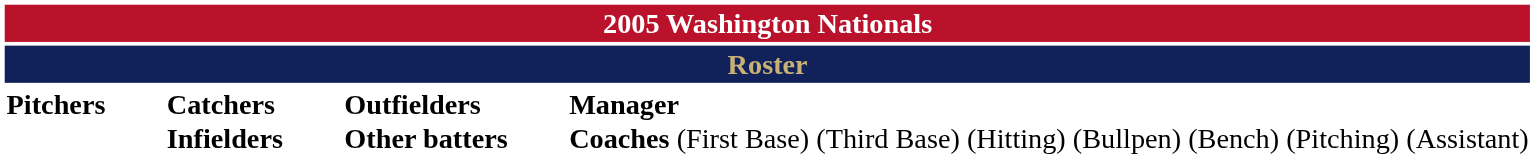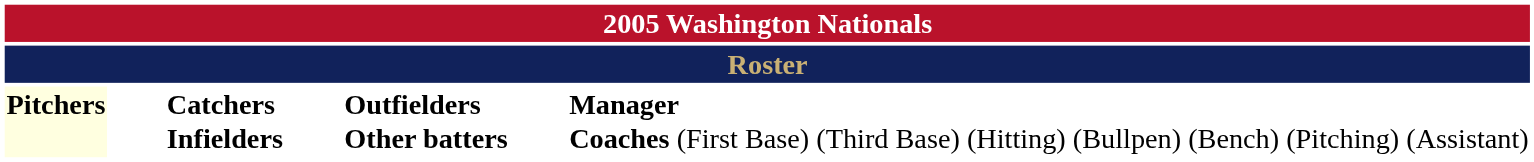 <table class="toccolours" style="font-size: 95%;">
 <tr>
 <th colspan="10" style="background:#ba122b; color:#fff; text-align:center;">2005 Washington Nationals</th>
 </tr>
 <tr>
 <td colspan="10" style="background:#11225b; color:#c9b074; text-align:center;"><strong>Roster</strong></td>
 </tr>
 <tr>
-<td valign="top"><strong>Pitchers</strong><br>                        </td>
+<td valign="top" style="background: lightyellow;"><strong>Pitchers</strong><br>                        </td>
 <td style="width:25px;"></td>
 <td valign="top"><strong>Catchers</strong><br>   <strong>Infielders</strong>             </td>
 <td style="width:25px;"></td>
 <td valign="top"><strong>Outfielders</strong><br>             <strong>Other batters</strong> </td>
 <td style="width:25px;"></td>
 <td valign="top"><strong>Manager</strong><br> <strong>Coaches</strong>  (First Base)  (Third Base)  (Hitting)  (Bullpen)  (Bench)  (Pitching)  (Assistant)</td>
 </tr>
 </table>
